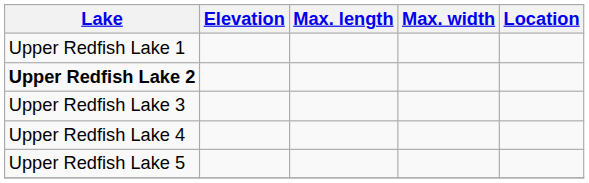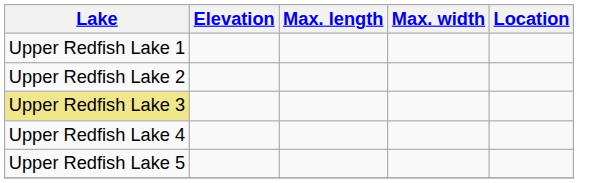 <table class="wikitable sortable">
 <tr>
 <th><a href='#'>Lake</a></th>
 <th><a href='#'>Elevation</a></th>
 <th><a href='#'>Max. length</a></th>
 <th><a href='#'>Max. width</a></th>
 <th><a href='#'>Location</a></th>
 </tr>
 <tr>
 <td>Upper Redfish Lake 1</td>
 <td></td>
 <td></td>
 <td></td>
 <td></td>
 </tr>
 <tr>
-<td><strong>Upper Redfish Lake 2</strong></td>
+<td>Upper Redfish Lake 2</td>
 <td></td>
 <td></td>
 <td></td>
 <td></td>
 </tr>
 <tr>
-<td>Upper Redfish Lake 3</td>
+<td style="background: khaki;">Upper Redfish Lake 3</td>
 <td></td>
 <td></td>
 <td></td>
 <td></td>
 </tr>
 <tr>
 <td>Upper Redfish Lake 4</td>
 <td></td>
 <td></td>
 <td></td>
 <td></td>
 </tr>
 <tr>
 <td>Upper Redfish Lake 5</td>
 <td></td>
 <td></td>
 <td></td>
 <td></td>
 </tr>
 <tr>
 </tr>
 </table>
